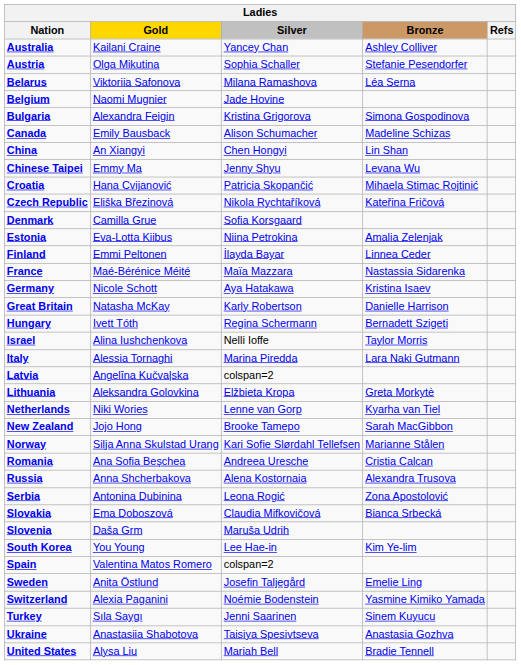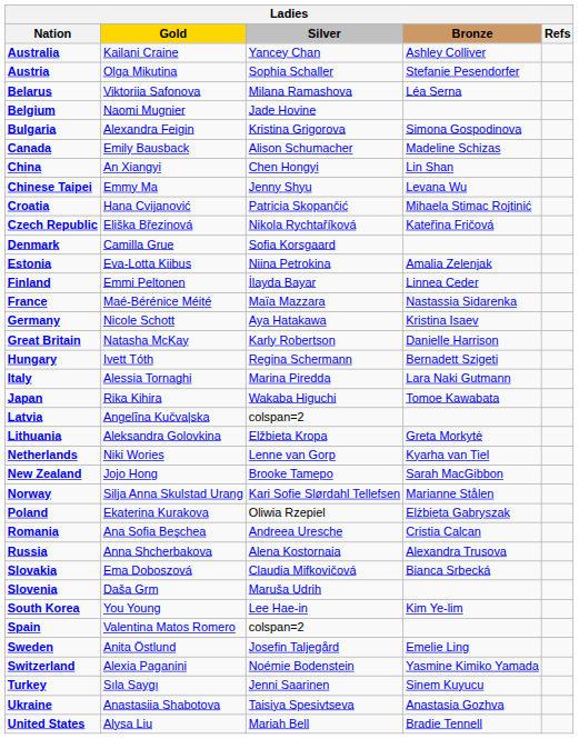 <table class="wikitable">
 <tr>
 <th colspan=5>Ladies</th>
 </tr>
 <tr>
 <th>Nation</th>
 <td style="text-align:center; background:gold;"><strong>Gold</strong></td>
 <td style="text-align:center; background:silver;"><strong>Silver</strong></td>
 <td style="text-align:center; background:#c96;"><strong>Bronze</strong></td>
 <th>Refs</th>
 </tr>
 <tr>
 <td><strong> <a href='#'>Australia</a></strong></td>
 <td><a href='#'>Kailani Craine</a></td>
 <td><a href='#'>Yancey Chan</a></td>
 <td><a href='#'>Ashley Colliver</a></td>
 <td></td>
 </tr>
 <tr>
 <td><strong> <a href='#'>Austria</a></strong></td>
 <td><a href='#'>Olga Mikutina</a></td>
 <td><a href='#'>Sophia Schaller</a></td>
 <td><a href='#'>Stefanie Pesendorfer</a></td>
 <td></td>
 </tr>
 <tr>
 <td><strong> <a href='#'>Belarus</a></strong></td>
 <td><a href='#'>Viktoriia Safonova</a></td>
 <td><a href='#'>Milana Ramashova</a></td>
 <td><a href='#'>Léa Serna</a></td>
 <td></td>
 </tr>
 <tr>
 <td><strong> <a href='#'>Belgium</a></strong></td>
 <td><a href='#'>Naomi Mugnier</a></td>
 <td><a href='#'>Jade Hovine</a></td>
 <td></td>
 <td></td>
 </tr>
 <tr>
 <td><strong> <a href='#'>Bulgaria</a></strong></td>
 <td><a href='#'>Alexandra Feigin</a></td>
 <td><a href='#'>Kristina Grigorova</a></td>
 <td><a href='#'>Simona Gospodinova</a></td>
 <td></td>
 </tr>
 <tr>
 <td><strong> <a href='#'>Canada</a></strong></td>
 <td><a href='#'>Emily Bausback</a></td>
 <td><a href='#'>Alison Schumacher</a></td>
 <td><a href='#'>Madeline Schizas</a></td>
 <td></td>
 </tr>
 <tr>
 <td><strong> <a href='#'>China</a></strong></td>
 <td><a href='#'>An Xiangyi</a></td>
 <td><a href='#'>Chen Hongyi</a></td>
 <td><a href='#'>Lin Shan</a></td>
 <td></td>
 </tr>
 <tr>
 <td><strong> <a href='#'>Chinese Taipei</a></strong></td>
 <td><a href='#'>Emmy Ma</a></td>
 <td><a href='#'>Jenny Shyu</a></td>
 <td><a href='#'>Levana Wu</a></td>
 <td></td>
 </tr>
 <tr>
 <td><strong> <a href='#'>Croatia</a></strong></td>
 <td><a href='#'>Hana Cvijanović</a></td>
 <td><a href='#'>Patricia Skopančić</a></td>
 <td><a href='#'>Mihaela Stimac Rojtinić</a></td>
 <td></td>
 </tr>
 <tr>
 <td><strong> <a href='#'>Czech Republic</a></strong></td>
 <td><a href='#'>Eliška Březinová</a></td>
 <td><a href='#'>Nikola Rychtaříková</a></td>
 <td><a href='#'>Kateřina Fričová</a></td>
 <td></td>
 </tr>
 <tr>
 <td><strong> <a href='#'>Denmark</a></strong></td>
 <td><a href='#'>Camilla Grue</a></td>
 <td><a href='#'>Sofia Korsgaard</a></td>
 <td></td>
 <td></td>
 </tr>
 <tr>
 <td><strong> <a href='#'>Estonia</a></strong></td>
 <td><a href='#'>Eva-Lotta Kiibus</a></td>
 <td><a href='#'>Niina Petrokina</a></td>
 <td><a href='#'>Amalia Zelenjak</a></td>
 <td></td>
 </tr>
 <tr>
 <td><strong> <a href='#'>Finland</a></strong></td>
 <td><a href='#'>Emmi Peltonen</a></td>
 <td><a href='#'>İlayda Bayar</a></td>
 <td><a href='#'>Linnea Ceder</a></td>
 <td></td>
 </tr>
 <tr>
 <td><strong> <a href='#'>France</a></strong></td>
 <td><a href='#'>Maé-Bérénice Méité</a></td>
 <td><a href='#'>Maïa Mazzara</a></td>
 <td><a href='#'>Nastassia Sidarenka</a></td>
 <td></td>
 </tr>
 <tr>
 <td><strong> <a href='#'>Germany</a></strong></td>
 <td><a href='#'>Nicole Schott</a></td>
 <td><a href='#'>Aya Hatakawa</a></td>
 <td><a href='#'>Kristina Isaev</a></td>
 <td></td>
 </tr>
 <tr>
 <td><strong> <a href='#'>Great Britain</a></strong></td>
 <td><a href='#'>Natasha McKay</a></td>
 <td><a href='#'>Karly Robertson</a></td>
 <td><a href='#'>Danielle Harrison</a></td>
 <td></td>
 </tr>
 <tr>
 <td><strong> <a href='#'>Hungary</a></strong></td>
 <td><a href='#'>Ivett Tóth</a></td>
 <td><a href='#'>Regina Schermann</a></td>
 <td><a href='#'>Bernadett Szigeti</a></td>
 <td></td>
 </tr>
 <tr>
-<td><strong> <a href='#'>Israel</a></strong></td>
-<td><a href='#'>Alina Iushchenkova</a></td>
-<td>Nelli Ioffe</td>
-<td><a href='#'>Taylor Morris</a></td>
-<td></td>
-</tr>
-<tr>
 <td><strong> <a href='#'>Italy</a></strong></td>
 <td><a href='#'>Alessia Tornaghi</a></td>
 <td><a href='#'>Marina Piredda</a></td>
 <td><a href='#'>Lara Naki Gutmann</a></td>
+<td></td>
+</tr>
+<tr>
+<td><strong> <a href='#'>Japan</a></strong></td>
+<td><a href='#'>Rika Kihira</a></td>
+<td><a href='#'>Wakaba Higuchi</a></td>
+<td><a href='#'>Tomoe Kawabata</a></td>
 <td></td>
 </tr>
 <tr>
 <td><strong> <a href='#'>Latvia</a></strong></td>
 <td><a href='#'>Angelīna Kučvaļska</a></td>
 <td>colspan=2 </td>
 <td></td>
 </tr>
 <tr>
 <td><strong> <a href='#'>Lithuania</a></strong></td>
 <td><a href='#'>Aleksandra Golovkina</a></td>
 <td><a href='#'>Elžbieta Kropa</a></td>
 <td><a href='#'>Greta Morkytė</a></td>
 <td></td>
 </tr>
 <tr>
 <td><strong> <a href='#'>Netherlands</a></strong></td>
 <td><a href='#'>Niki Wories</a></td>
 <td><a href='#'>Lenne van Gorp</a></td>
 <td><a href='#'>Kyarha van Tiel</a></td>
 <td></td>
 </tr>
 <tr>
 <td><strong> <a href='#'>New Zealand</a></strong></td>
 <td><a href='#'>Jojo Hong</a></td>
 <td><a href='#'>Brooke Tamepo</a></td>
 <td><a href='#'>Sarah MacGibbon</a></td>
 <td></td>
 </tr>
 <tr>
 <td><strong> <a href='#'>Norway</a></strong></td>
 <td><a href='#'>Silja Anna Skulstad Urang</a></td>
 <td><a href='#'>Kari Sofie Slørdahl Tellefsen</a></td>
 <td><a href='#'>Marianne Stålen</a></td>
 <td></td>
 </tr>
 <tr>
+<td><strong> <a href='#'>Poland</a></strong></td>
+<td><a href='#'>Ekaterina Kurakova</a></td>
+<td>Oliwia Rzepiel</td>
+<td><a href='#'>Elżbieta Gabryszak</a></td>
+<td></td>
+</tr>
+<tr>
 <td><strong> <a href='#'>Romania</a></strong></td>
 <td><a href='#'>Ana Sofia Beşchea</a></td>
 <td><a href='#'>Andreea Uresche</a></td>
 <td><a href='#'>Cristia Calcan</a></td>
 <td></td>
 </tr>
 <tr>
 <td><strong> <a href='#'>Russia</a></strong></td>
 <td><a href='#'>Anna Shcherbakova</a></td>
 <td><a href='#'>Alena Kostornaia</a></td>
 <td><a href='#'>Alexandra Trusova</a></td>
-<td></td>
-</tr>
-<tr>
-<td><strong> <a href='#'>Serbia</a></strong></td>
-<td><a href='#'>Antonina Dubinina</a></td>
-<td><a href='#'>Leona Rogić</a></td>
-<td><a href='#'>Zona Apostolović</a></td>
 <td></td>
 </tr>
 <tr>
 <td><strong> <a href='#'>Slovakia</a></strong></td>
 <td><a href='#'>Ema Doboszová</a></td>
 <td><a href='#'>Claudia Mifkovičová</a></td>
 <td><a href='#'>Bianca Srbecká</a></td>
 <td></td>
 </tr>
 <tr>
 <td><strong> <a href='#'>Slovenia</a></strong></td>
 <td><a href='#'>Daša Grm</a></td>
 <td><a href='#'>Maruša Udrih</a></td>
 <td></td>
 <td></td>
 </tr>
 <tr>
 <td><strong> <a href='#'>South Korea</a></strong></td>
 <td><a href='#'>You Young</a></td>
 <td><a href='#'>Lee Hae-in</a></td>
 <td><a href='#'>Kim Ye-lim</a></td>
 <td></td>
 </tr>
 <tr>
 <td><strong> <a href='#'>Spain</a></strong></td>
 <td><a href='#'>Valentina Matos Romero</a></td>
 <td>colspan=2 </td>
 <td></td>
 </tr>
 <tr>
 <td><strong> <a href='#'>Sweden</a></strong></td>
 <td><a href='#'>Anita Östlund</a></td>
 <td><a href='#'>Josefin Taljegård</a></td>
 <td><a href='#'>Emelie Ling</a></td>
 <td></td>
 </tr>
 <tr>
 <td><strong> <a href='#'>Switzerland</a></strong></td>
 <td><a href='#'>Alexia Paganini</a></td>
 <td><a href='#'>Noémie Bodenstein</a></td>
 <td><a href='#'>Yasmine Kimiko Yamada</a></td>
 <td></td>
 </tr>
 <tr>
 <td><strong> <a href='#'>Turkey</a></strong></td>
 <td><a href='#'>Sıla Saygı</a></td>
 <td><a href='#'>Jenni Saarinen</a></td>
 <td><a href='#'>Sinem Kuyucu</a></td>
 <td></td>
 </tr>
 <tr>
 <td><strong> <a href='#'>Ukraine</a></strong></td>
 <td><a href='#'>Anastasiia Shabotova</a></td>
 <td><a href='#'>Taisiya Spesivtseva</a></td>
 <td><a href='#'>Anastasia Gozhva</a></td>
 <td></td>
 </tr>
 <tr>
 <td><strong> <a href='#'>United States</a></strong></td>
 <td><a href='#'>Alysa Liu</a></td>
 <td><a href='#'>Mariah Bell</a></td>
 <td><a href='#'>Bradie Tennell</a></td>
 <td></td>
 </tr>
 </table>
